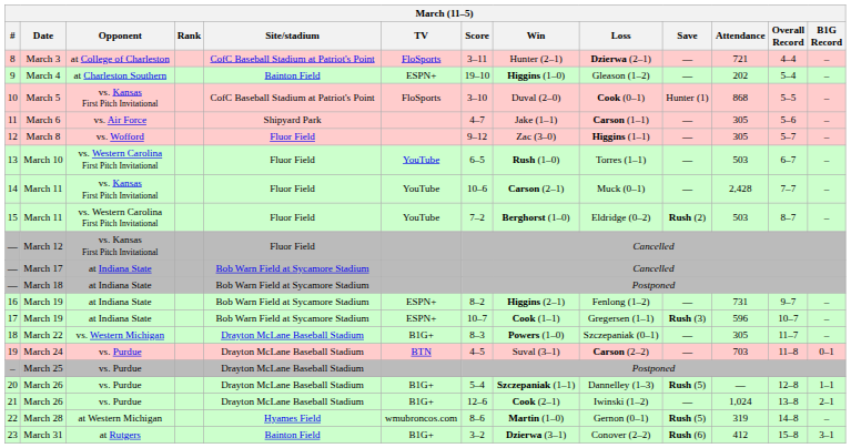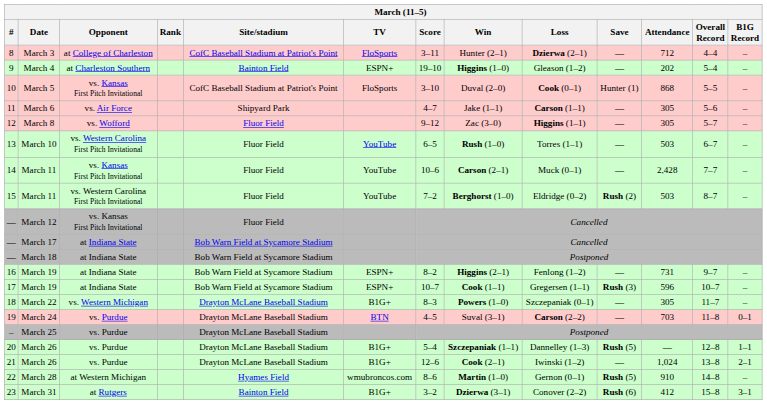 <table class="wikitable collapsible open" style="margin:auto; width:100%; text-align:center; font-size:95%">
 <tr>
 <th colspan=13 style="padding-left:4em;">March (11–5)</th>
 </tr>
 <tr>
 <th>#</th>
 <th>Date</th>
 <th>Opponent</th>
 <th>Rank</th>
 <th>Site/stadium</th>
 <th>TV</th>
 <th>Score</th>
 <th>Win</th>
 <th>Loss</th>
 <th>Save</th>
 <th>Attendance</th>
 <th>Overall<br>Record</th>
 <th>B1G<br>Record</th>
 </tr>
 <tr align="center" bgcolor="#ffcccc">
 <td>8</td>
 <td>March 3</td>
 <td>at <a href='#'>College of Charleston</a></td>
 <td></td>
 <td><a href='#'>CofC Baseball Stadium at Patriot's Point</a></td>
 <td><a href='#'>FloSports</a></td>
 <td>3–11</td>
 <td>Hunter (2–1)</td>
 <td><strong>Dzierwa</strong> (2–1)</td>
 <td>—</td>
-<td>721</td>
+<td>712</td>
 <td>4–4</td>
 <td>–</td>
 </tr>
 <tr align="center" bgcolor="#ccffcc">
 <td>9</td>
 <td>March 4</td>
 <td>at <a href='#'>Charleston Southern</a></td>
 <td></td>
 <td><a href='#'>Bainton Field</a></td>
 <td>ESPN+</td>
 <td>19–10</td>
 <td><strong>Higgins</strong> (1–0)</td>
 <td>Gleason (1–2)</td>
 <td>—</td>
 <td>202</td>
 <td>5–4</td>
 <td>–</td>
 </tr>
 <tr align="center" bgcolor="#ffcccc">
 <td>10</td>
 <td>March 5</td>
 <td>vs. <a href='#'>Kansas</a><br><small>First Pitch Invitational</small></td>
 <td></td>
 <td>CofC Baseball Stadium at Patriot's Point</td>
 <td>FloSports</td>
 <td>3–10</td>
 <td>Duval (2–0)</td>
 <td><strong>Cook</strong> (0–1)</td>
 <td>Hunter (1)</td>
 <td>868</td>
 <td>5–5</td>
 <td>–</td>
 </tr>
 <tr align="center" bgcolor="#ffcccc">
 <td>11</td>
 <td>March 6</td>
 <td>vs. <a href='#'>Air Force</a></td>
 <td></td>
 <td>Shipyard Park</td>
 <td></td>
 <td>4–7</td>
 <td>Jake (1–1)</td>
 <td><strong>Carson</strong> (1–1)</td>
 <td>—</td>
 <td>305</td>
 <td>5–6</td>
 <td>–</td>
 </tr>
 <tr align="center" bgcolor="#ffcccc">
 <td>12</td>
 <td>March 8</td>
 <td>vs. <a href='#'>Wofford</a></td>
 <td></td>
 <td><a href='#'>Fluor Field</a></td>
 <td></td>
 <td>9–12</td>
 <td>Zac (3–0)</td>
 <td><strong>Higgins</strong> (1–1)</td>
 <td>—</td>
 <td>305</td>
 <td>5–7</td>
 <td>–</td>
 </tr>
 <tr align="center" bgcolor="#ccffcc">
 <td>13</td>
 <td>March 10</td>
 <td>vs. <a href='#'>Western Carolina</a><br><small>First Pitch Invitational</small></td>
 <td></td>
 <td>Fluor Field</td>
 <td><a href='#'>YouTube</a></td>
 <td>6–5</td>
 <td><strong>Rush</strong> (1–0)</td>
 <td>Torres (1–1)</td>
 <td>—</td>
 <td>503</td>
 <td>6–7</td>
 <td>–</td>
 </tr>
 <tr align="center" bgcolor="#ccffcc">
 <td>14</td>
 <td>March 11</td>
 <td>vs. <a href='#'>Kansas</a><br><small>First Pitch Invitational</small></td>
 <td></td>
 <td>Fluor Field</td>
 <td>YouTube</td>
 <td>10–6</td>
 <td><strong>Carson</strong> (2–1)</td>
 <td>Muck (0–1)</td>
 <td>—</td>
 <td>2,428</td>
 <td>7–7</td>
 <td>–</td>
 </tr>
 <tr align="center" bgcolor="#ccffcc">
 <td>15</td>
 <td>March 11</td>
 <td>vs. Western Carolina<br><small>First Pitch Invitational</small></td>
 <td></td>
 <td>Fluor Field</td>
 <td>YouTube</td>
 <td>7–2</td>
 <td><strong>Berghorst</strong> (1–0)</td>
 <td>Eldridge (0–2)</td>
 <td><strong>Rush</strong> (2)</td>
 <td>503</td>
 <td>8–7</td>
 <td>–</td>
 </tr>
 <tr align="center" bgcolor="#bbbbbb">
 <td>—</td>
 <td>March 12</td>
 <td>vs. Kansas <br><small>First Pitch Invitational</small></td>
 <td></td>
 <td>Fluor Field</td>
 <td></td>
 <td colspan=9><em>Cancelled</em> </td>
 </tr>
 <tr align="center" bgcolor="bbbbbb">
 <td>—</td>
 <td>March 17</td>
 <td>at <a href='#'>Indiana State</a></td>
 <td></td>
 <td><a href='#'>Bob Warn Field at Sycamore Stadium</a></td>
 <td></td>
 <td colspan=9><em>Cancelled</em> </td>
 </tr>
 <tr align="center" bgcolor="bbbbbb">
 <td>—</td>
 <td>March 18</td>
 <td>at Indiana State</td>
 <td></td>
 <td>Bob Warn Field at Sycamore Stadium</td>
 <td></td>
 <td colspan=9><em>Postponed</em> </td>
 </tr>
 <tr align="center" bgcolor="#ccffcc">
 <td>16</td>
 <td>March 19</td>
 <td>at Indiana State</td>
 <td></td>
 <td>Bob Warn Field at Sycamore Stadium</td>
 <td>ESPN+</td>
 <td>8–2</td>
 <td><strong>Higgins</strong> (2–1)</td>
 <td>Fenlong (1–2)</td>
 <td>—</td>
 <td>731</td>
 <td>9–7</td>
 <td>–</td>
 </tr>
 <tr align="center" bgcolor="#ccffcc">
 <td>17</td>
 <td>March 19</td>
 <td>at Indiana State</td>
 <td></td>
 <td>Bob Warn Field at Sycamore Stadium</td>
 <td>ESPN+</td>
 <td>10–7</td>
 <td><strong>Cook</strong> (1–1)</td>
 <td>Gregersen (1–1)</td>
 <td><strong>Rush</strong> (3)</td>
 <td>596</td>
 <td>10–7</td>
 <td>–</td>
 </tr>
 <tr align="center" bgcolor="#ccffcc">
 <td>18</td>
 <td>March 22</td>
 <td>vs. <a href='#'>Western Michigan</a></td>
 <td></td>
 <td><a href='#'>Drayton McLane Baseball Stadium</a></td>
 <td>B1G+</td>
 <td>8–3</td>
 <td><strong>Powers</strong> (1–0)</td>
 <td>Szczepaniak (0–1)</td>
 <td>—</td>
 <td>305</td>
 <td>11–7</td>
 <td>–</td>
 </tr>
 <tr align="center" bgcolor="#ffcccc">
 <td>19</td>
 <td>March 24</td>
 <td>vs. <a href='#'>Purdue</a></td>
 <td></td>
 <td>Drayton McLane Baseball Stadium</td>
 <td><a href='#'>BTN</a></td>
 <td>4–5</td>
 <td>Suval (3–1)</td>
 <td><strong>Carson</strong> (2–2)</td>
 <td>—</td>
 <td>703</td>
 <td>11–8</td>
 <td>0–1</td>
 </tr>
 <tr align="center" bgcolor="bbbbbb">
 <td>–</td>
 <td>March 25</td>
 <td>vs. Purdue</td>
 <td></td>
 <td>Drayton McLane Baseball Stadium</td>
 <td></td>
 <td colspan=9><em>Postponed</em> </td>
 </tr>
 <tr align="center" bgcolor="#ccffcc">
 <td>20</td>
 <td>March 26</td>
 <td>vs. Purdue</td>
 <td></td>
 <td>Drayton McLane Baseball Stadium</td>
 <td>B1G+</td>
 <td>5–4</td>
 <td><strong>Szczepaniak</strong> (1–1)</td>
 <td>Dannelley (1–3)</td>
 <td><strong>Rush</strong> (5)</td>
 <td>—</td>
 <td>12–8</td>
 <td>1–1</td>
 </tr>
 <tr align="center" bgcolor="#ccffcc">
 <td>21</td>
 <td>March 26</td>
 <td>vs. Purdue</td>
 <td></td>
 <td>Drayton McLane Baseball Stadium</td>
 <td>B1G+</td>
 <td>12–6</td>
 <td><strong>Cook</strong> (2–1)</td>
 <td>Iwinski (1–2)</td>
 <td>—</td>
 <td>1,024</td>
 <td>13–8</td>
 <td>2–1</td>
 </tr>
 <tr align="center" bgcolor="#ccffcc">
 <td>22</td>
 <td>March 28</td>
 <td>at Western Michigan</td>
 <td></td>
 <td><a href='#'>Hyames Field</a></td>
 <td>wmubroncos.com</td>
 <td>8–6</td>
 <td><strong>Martin</strong> (1–0)</td>
 <td>Gernon (0–1)</td>
 <td><strong>Rush</strong> (5)</td>
-<td>319</td>
+<td>910</td>
 <td>14–8</td>
 <td>–</td>
 </tr>
 <tr align="center" bgcolor="#ccffcc">
 <td>23</td>
 <td>March 31</td>
 <td>at <a href='#'>Rutgers</a></td>
 <td></td>
 <td><a href='#'>Bainton Field</a></td>
 <td>B1G+</td>
 <td>3–2</td>
 <td><strong>Dzierwa</strong> (3–1)</td>
 <td>Conover (2–2)</td>
 <td><strong>Rush</strong> (6)</td>
 <td>412</td>
 <td>15–8</td>
 <td>3–1</td>
 </tr>
 </table>
